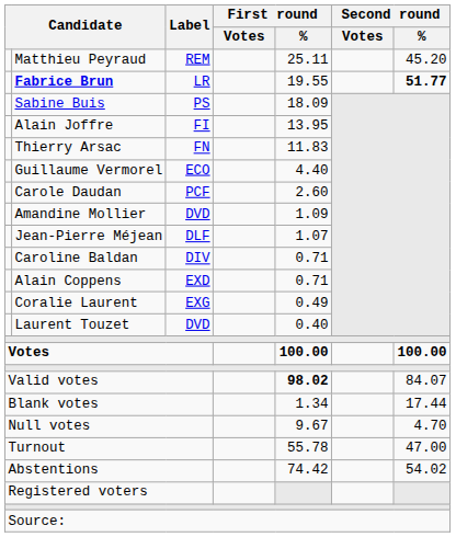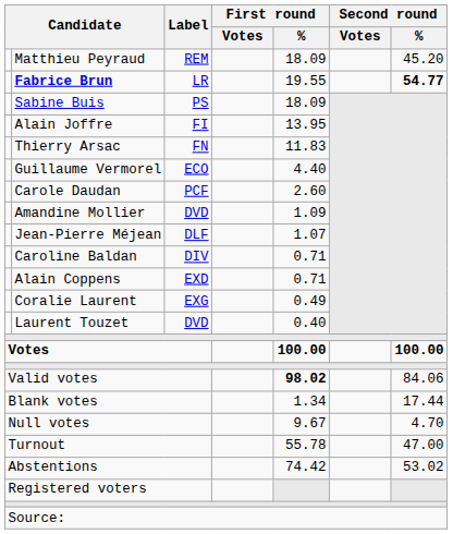 <table class="wikitable" style="text-align:right;font-size:95%;">
 <tr>
 <th rowspan="2" colspan="2">Candidate</th>
 <th rowspan="2">Label</th>
 <th colspan="2">First round</th>
 <th colspan="2">Second round</th>
 </tr>
 <tr>
 <th style="width:50px;">Votes</th>
 <th style="width:45px;">%</th>
 <th style="width:50px;">Votes</th>
 <th style="width:45px;">%</th>
 </tr>
 <tr>
 <td style="color:inherit;background:"></td>
 <td style="text-align:left;">Matthieu Peyraud</td>
 <td><a href='#'>REM</a></td>
 <td></td>
-<td>25.11</td>
+<td>18.09</td>
 <td></td>
 <td>45.20</td>
 </tr>
 <tr>
 <td style="color:inherit;background:"></td>
 <td style="text-align:left;"><strong><a href='#'>Fabrice Brun</a></strong></td>
 <td><a href='#'>LR</a></td>
 <td></td>
 <td>19.55</td>
 <td><strong></strong></td>
-<td><strong>51.77</strong></td>
+<td><strong>54.77</strong></td>
 </tr>
 <tr>
 <td style="color:inherit;background:"></td>
 <td style="text-align:left;"><a href='#'>Sabine Buis</a></td>
 <td><a href='#'>PS</a></td>
 <td></td>
 <td>18.09</td>
 <td colspan="2" rowspan="11" style="background:#E9E9E9;"></td>
 </tr>
 <tr>
 <td style="color:inherit;background:"></td>
 <td style="text-align:left;">Alain Joffre</td>
 <td><a href='#'>FI</a></td>
 <td></td>
 <td>13.95</td>
 </tr>
 <tr>
 <td style="color:inherit;background:"></td>
 <td style="text-align:left;">Thierry Arsac</td>
 <td><a href='#'>FN</a></td>
 <td></td>
 <td>11.83</td>
 </tr>
 <tr>
 <td style="color:inherit;background:"></td>
 <td style="text-align:left;">Guillaume Vermorel</td>
 <td><a href='#'>ECO</a></td>
 <td></td>
 <td>4.40</td>
 </tr>
 <tr>
 <td style="color:inherit;background:"></td>
 <td style="text-align:left;">Carole Daudan</td>
 <td><a href='#'>PCF</a></td>
 <td></td>
 <td>2.60</td>
 </tr>
 <tr>
 <td style="color:inherit;background:"></td>
 <td style="text-align:left;">Amandine Mollier</td>
 <td><a href='#'>DVD</a></td>
 <td></td>
 <td>1.09</td>
 </tr>
 <tr>
 <td style="color:inherit;background:"></td>
 <td style="text-align:left;">Jean-Pierre Méjean</td>
 <td><a href='#'>DLF</a></td>
 <td></td>
 <td>1.07</td>
 </tr>
 <tr>
 <td style="color:inherit;background:"></td>
 <td style="text-align:left;">Caroline Baldan</td>
 <td><a href='#'>DIV</a></td>
 <td></td>
 <td>0.71</td>
 </tr>
 <tr>
 <td style="color:inherit;background:"></td>
 <td style="text-align:left;">Alain Coppens</td>
 <td><a href='#'>EXD</a></td>
 <td></td>
 <td>0.71</td>
 </tr>
 <tr>
 <td style="color:inherit;background:"></td>
 <td style="text-align:left;">Coralie Laurent</td>
 <td><a href='#'>EXG</a></td>
 <td></td>
 <td>0.49</td>
 </tr>
 <tr>
 <td style="color:inherit;background:"></td>
 <td style="text-align:left;">Laurent Touzet</td>
 <td><a href='#'>DVD</a></td>
 <td></td>
 <td>0.40</td>
 </tr>
 <tr>
 <td colspan="7" style="background:#E9E9E9;"></td>
 </tr>
 <tr style="font-weight:bold;">
 <td colspan="3" style="text-align:left;">Votes</td>
 <td></td>
 <td>100.00</td>
 <td></td>
 <td>100.00</td>
 </tr>
 <tr>
 <td colspan="7" style="background:#E9E9E9;"></td>
 </tr>
 <tr>
 <td colspan="3" style="text-align:left;">Valid votes</td>
 <td></td>
 <td><strong>98.02</strong></td>
 <td></td>
-<td>84.07</td>
+<td>84.06</td>
 </tr>
 <tr>
 <td colspan="3" style="text-align:left;">Blank votes</td>
 <td></td>
 <td>1.34</td>
 <td></td>
 <td>17.44</td>
 </tr>
 <tr>
 <td colspan="3" style="text-align:left;">Null votes</td>
 <td></td>
 <td>9.67</td>
 <td></td>
 <td>4.70</td>
 </tr>
 <tr>
 <td colspan="3" style="text-align:left;">Turnout</td>
 <td></td>
 <td>55.78</td>
 <td></td>
 <td>47.00</td>
 </tr>
 <tr>
 <td colspan="3" style="text-align:left;">Abstentions</td>
 <td></td>
 <td>74.42</td>
 <td></td>
-<td>54.02</td>
+<td>53.02</td>
 </tr>
 <tr>
 <td colspan="3" style="text-align:left;">Registered voters</td>
 <td></td>
 <td style="color:inherit;background:#E9E9E9;"></td>
 <td></td>
 <td style="color:inherit;background:#E9E9E9;"></td>
 </tr>
 <tr>
 <td colspan="7" style="background:#E9E9E9;"></td>
 </tr>
 <tr>
 <td colspan="7" style="text-align:left;">Source: </td>
 </tr>
 </table>
